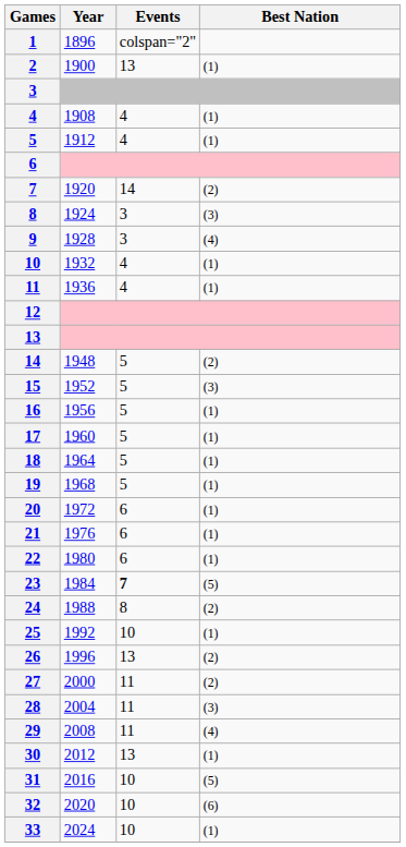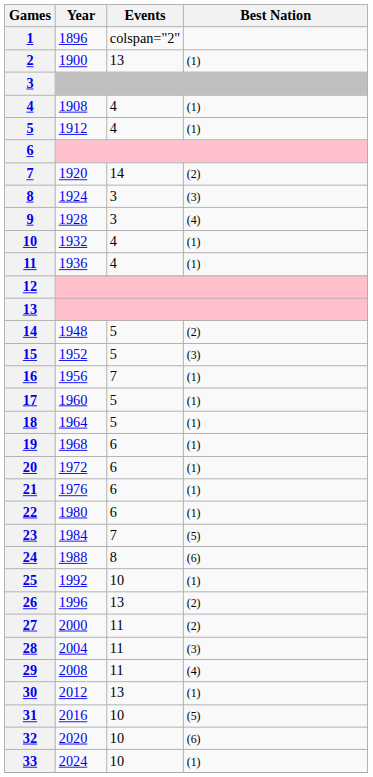 <table class="wikitable sticky-table-row1 defaultcenter col4left">
 <tr>
 <th scope="col" width=50>Games</th>
 <th scope="col" width=50>Year</th>
 <th scope="col" width=50>Events</th>
 <th scope="col" width=200>Best Nation</th>
 </tr>
 <tr>
 <th scope="row"><a href='#'>1</a></th>
 <td><a href='#'>1896</a></td>
 <td>colspan="2"</td>
 </tr>
 <tr>
 <th scope="row"><a href='#'>2</a></th>
 <td><a href='#'>1900</a></td>
 <td>13</td>
 <td> <small>(1)</small></td>
 </tr>
 <tr>
 <th scope="row"><a href='#'>3</a></th>
 <td colspan=4 bgcolor=silver></td>
 </tr>
 <tr>
 <th scope="row"><a href='#'>4</a></th>
 <td><a href='#'>1908</a></td>
 <td>4</td>
 <td> <small>(1)</small></td>
 </tr>
 <tr>
 <th scope="row"><a href='#'>5</a></th>
 <td><a href='#'>1912</a></td>
 <td>4</td>
 <td> <small>(1)</small></td>
 </tr>
 <tr>
 <th scope="row"><a href='#'>6</a></th>
 <td colspan=4 style="background:pink"></td>
 </tr>
 <tr>
 <th scope="row"><a href='#'>7</a></th>
 <td><a href='#'>1920</a></td>
 <td>14</td>
 <td> <small>(2)</small></td>
 </tr>
 <tr>
 <th scope="row"><a href='#'>8</a></th>
 <td><a href='#'>1924</a></td>
 <td>3</td>
 <td> <small>(3)</small></td>
 </tr>
 <tr>
 <th scope="row"><a href='#'>9</a></th>
 <td><a href='#'>1928</a></td>
 <td>3</td>
 <td> <small>(4)</small></td>
 </tr>
 <tr>
 <th scope="row"><a href='#'>10</a></th>
 <td><a href='#'>1932</a></td>
 <td>4</td>
 <td> <small>(1)</small></td>
 </tr>
 <tr>
 <th scope="row"><a href='#'>11</a></th>
 <td><a href='#'>1936</a></td>
 <td>4</td>
 <td> <small>(1)</small></td>
 </tr>
 <tr>
 <th scope="row"><a href='#'>12</a></th>
 <td colspan=4 style="background:pink"></td>
 </tr>
 <tr>
 <th scope="row"><a href='#'>13</a></th>
 <td colspan=4 style="background:pink"></td>
 </tr>
 <tr>
 <th scope="row"><a href='#'>14</a></th>
 <td><a href='#'>1948</a></td>
 <td>5</td>
 <td> <small>(2)</small></td>
 </tr>
 <tr>
 <th scope="row"><a href='#'>15</a></th>
 <td><a href='#'>1952</a></td>
 <td>5</td>
 <td> <small>(3)</small></td>
 </tr>
 <tr>
 <th scope="row"><a href='#'>16</a></th>
 <td><a href='#'>1956</a></td>
-<td>5</td>
+<td>7</td>
 <td> <small>(1)</small></td>
 </tr>
 <tr>
 <th scope="row"><a href='#'>17</a></th>
 <td><a href='#'>1960</a></td>
 <td>5</td>
 <td> <small>(1)</small></td>
 </tr>
 <tr>
 <th scope="row"><a href='#'>18</a></th>
 <td><a href='#'>1964</a></td>
 <td>5</td>
 <td>  <small>(1)</small></td>
 </tr>
 <tr>
 <th scope="row"><a href='#'>19</a></th>
 <td><a href='#'>1968</a></td>
-<td>5</td>
+<td>6</td>
 <td> <small>(1)</small></td>
 </tr>
 <tr>
 <th scope="row"><a href='#'>20</a></th>
 <td><a href='#'>1972</a></td>
 <td>6</td>
 <td> <small>(1)</small></td>
 </tr>
 <tr>
 <th scope="row"><a href='#'>21</a></th>
 <td><a href='#'>1976</a></td>
 <td>6</td>
 <td> <small>(1)</small></td>
 </tr>
 <tr>
 <th scope="row"><a href='#'>22</a></th>
 <td><a href='#'>1980</a></td>
 <td>6</td>
 <td> <small>(1)</small></td>
 </tr>
 <tr>
 <th scope="row"><a href='#'>23</a></th>
 <td><a href='#'>1984</a></td>
-<td><strong>7</strong></td>
+<td>7</td>
 <td> <small>(5)</small></td>
 </tr>
 <tr>
 <th scope="row"><a href='#'>24</a></th>
 <td><a href='#'>1988</a></td>
 <td>8</td>
-<td> <small>(2)</small></td>
+<td> <small>(6)</small></td>
 </tr>
 <tr>
 <th scope="row"><a href='#'>25</a></th>
 <td><a href='#'>1992</a></td>
 <td>10</td>
 <td> <small>(1)</small></td>
 </tr>
 <tr>
 <th scope="row"><a href='#'>26</a></th>
 <td><a href='#'>1996</a></td>
 <td>13</td>
 <td> <small>(2)</small></td>
 </tr>
 <tr>
 <th scope="row"><a href='#'>27</a></th>
 <td><a href='#'>2000</a></td>
 <td>11</td>
 <td> <small>(2)</small></td>
 </tr>
 <tr>
 <th scope="row"><a href='#'>28</a></th>
 <td><a href='#'>2004</a></td>
 <td>11</td>
 <td> <small>(3)</small></td>
 </tr>
 <tr>
 <th scope="row"><a href='#'>29</a></th>
 <td><a href='#'>2008</a></td>
 <td>11</td>
 <td> <small>(4)</small></td>
 </tr>
 <tr>
 <th scope="row"><a href='#'>30</a></th>
 <td><a href='#'>2012</a></td>
 <td>13</td>
 <td> <small>(1)</small></td>
 </tr>
 <tr>
 <th scope="row"><a href='#'>31</a></th>
 <td><a href='#'>2016</a></td>
 <td>10</td>
 <td> <small>(5)</small></td>
 </tr>
 <tr>
 <th scope="row"><a href='#'>32</a></th>
 <td><a href='#'>2020</a></td>
 <td>10</td>
 <td> <small>(6)</small></td>
 </tr>
 <tr>
 <th scope="row"><a href='#'>33</a></th>
 <td><a href='#'>2024</a></td>
 <td>10</td>
 <td> <small>(1)</small></td>
 </tr>
 <tr>
 </tr>
 </table>
